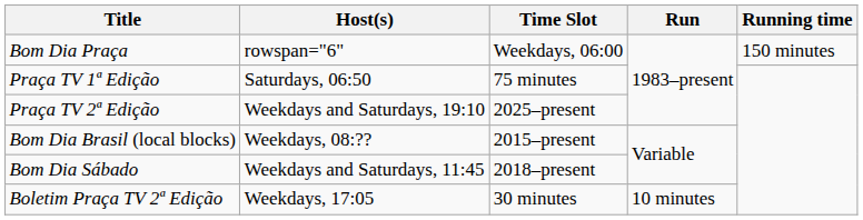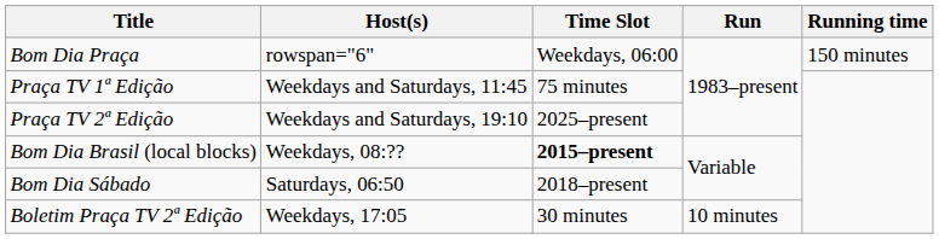 <table class="wikitable">
 <tr>
 <th>Title</th>
 <th>Host(s)</th>
 <th>Time Slot</th>
 <th>Run</th>
 <th>Running time</th>
 </tr>
 <tr>
 <td><em>Bom Dia Praça</em></td>
 <td>rowspan="6" </td>
 <td>Weekdays, 06:00</td>
 <td rowspan="3">1983–present</td>
 <td>150 minutes</td>
 </tr>
 <tr>
 <td><em>Praça TV 1ª Edição</em></td>
-<td>Saturdays, 06:50</td>
+<td>Weekdays and Saturdays, 11:45</td>
 <td>75 minutes</td>
 </tr>
 <tr>
 <td><em>Praça TV 2ª Edição</em></td>
 <td>Weekdays and Saturdays, 19:10</td>
 <td>2025–present</td>
 </tr>
 <tr>
 <td><em>Bom Dia Brasil</em> (local blocks)</td>
 <td>Weekdays, 08:??</td>
-<td>2015–present</td>
+<td><strong>2015–present</strong></td>
 <td rowspan = 2>Variable</td>
 </tr>
 <tr>
 <td><em>Bom Dia Sábado</em></td>
-<td>Weekdays and Saturdays, 11:45</td>
+<td>Saturdays, 06:50</td>
 <td>2018–present</td>
 </tr>
 <tr>
 <td><em>Boletim Praça TV 2ª Edição</em></td>
 <td>Weekdays, 17:05</td>
 <td>30 minutes</td>
 <td>10 minutes</td>
 </tr>
 </table>
